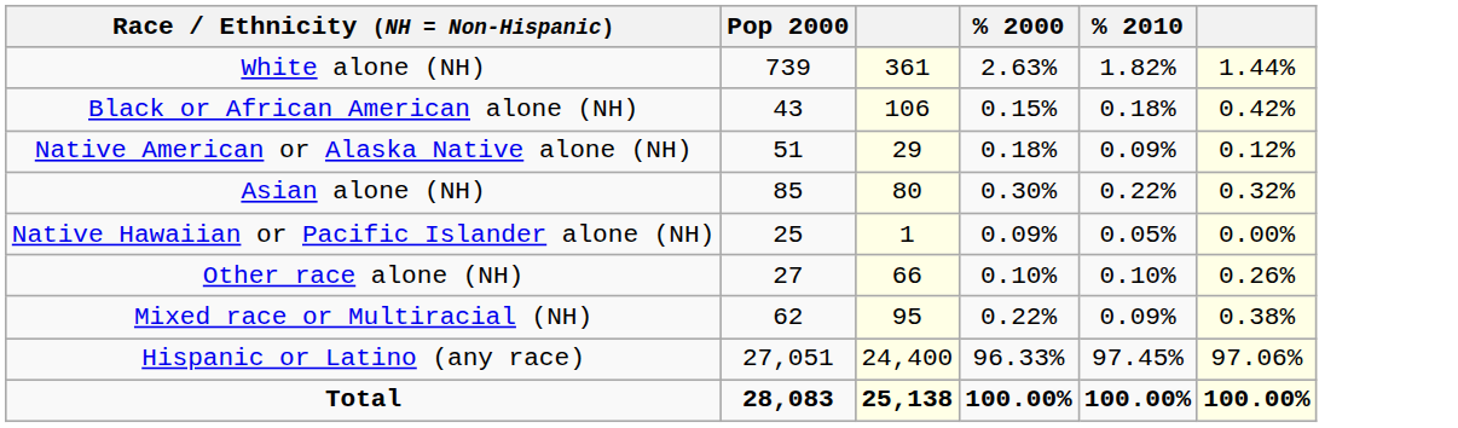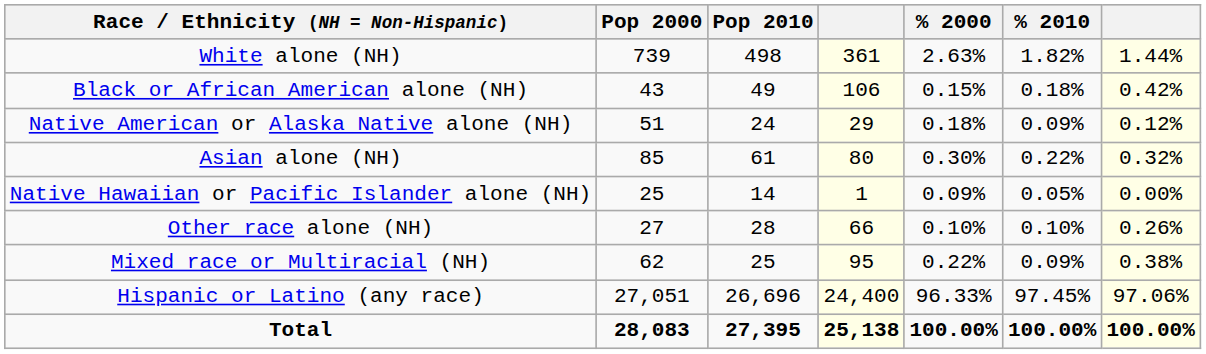 <table class="wikitable" style="text-align:center;">
 <tr>
 <th>Race / Ethnicity <small>(<em>NH = Non-Hispanic</em>)</small></th>
 <th>Pop 2000</th>
+<th>Pop 2010</th>
 <th></th>
 <th>% 2000</th>
 <th>% 2010</th>
 <th></th>
 </tr>
 <tr>
 <td><a href='#'>White</a> alone (NH)</td>
 <td>739</td>
+<td>498</td>
 <td style='background: #ffffe6;'>361</td>
 <td>2.63%</td>
 <td>1.82%</td>
 <td style='background: #ffffe6;'>1.44%</td>
 </tr>
 <tr>
 <td><a href='#'>Black or African American</a> alone (NH)</td>
 <td>43</td>
+<td>49</td>
 <td style='background: #ffffe6;'>106</td>
 <td>0.15%</td>
 <td>0.18%</td>
 <td style='background: #ffffe6;'>0.42%</td>
 </tr>
 <tr>
 <td><a href='#'>Native American</a> or <a href='#'>Alaska Native</a> alone (NH)</td>
 <td>51</td>
+<td>24</td>
 <td style='background: #ffffe6;'>29</td>
 <td>0.18%</td>
 <td>0.09%</td>
 <td style='background: #ffffe6;'>0.12%</td>
 </tr>
 <tr>
 <td><a href='#'>Asian</a> alone (NH)</td>
 <td>85</td>
+<td>61</td>
 <td style='background: #ffffe6;'>80</td>
 <td>0.30%</td>
 <td>0.22%</td>
 <td style='background: #ffffe6;'>0.32%</td>
 </tr>
 <tr>
 <td><a href='#'>Native Hawaiian</a> or <a href='#'>Pacific Islander</a> alone (NH)</td>
 <td>25</td>
+<td>14</td>
 <td style='background: #ffffe6;'>1</td>
 <td>0.09%</td>
 <td>0.05%</td>
 <td style='background: #ffffe6;'>0.00%</td>
 </tr>
 <tr>
 <td><a href='#'>Other race</a> alone (NH)</td>
 <td>27</td>
+<td>28</td>
 <td style='background: #ffffe6;'>66</td>
 <td>0.10%</td>
 <td>0.10%</td>
 <td style='background: #ffffe6;'>0.26%</td>
 </tr>
 <tr>
 <td><a href='#'>Mixed race or Multiracial</a> (NH)</td>
 <td>62</td>
+<td>25</td>
 <td style='background: #ffffe6;'>95</td>
 <td>0.22%</td>
 <td>0.09%</td>
 <td style='background: #ffffe6;'>0.38%</td>
 </tr>
 <tr>
 <td><a href='#'>Hispanic or Latino</a> (any race)</td>
 <td>27,051</td>
+<td>26,696</td>
 <td style='background: #ffffe6;'>24,400</td>
 <td>96.33%</td>
 <td>97.45%</td>
 <td style='background: #ffffe6;'>97.06%</td>
 </tr>
 <tr>
 <td><strong>Total</strong></td>
 <td><strong>28,083</strong></td>
+<td><strong>27,395</strong></td>
 <td style='background: #ffffe6;'><strong>25,138</strong></td>
 <td><strong>100.00%</strong></td>
 <td><strong>100.00%</strong></td>
 <td style='background: #ffffe6;'><strong>100.00%</strong></td>
 </tr>
 </table>
